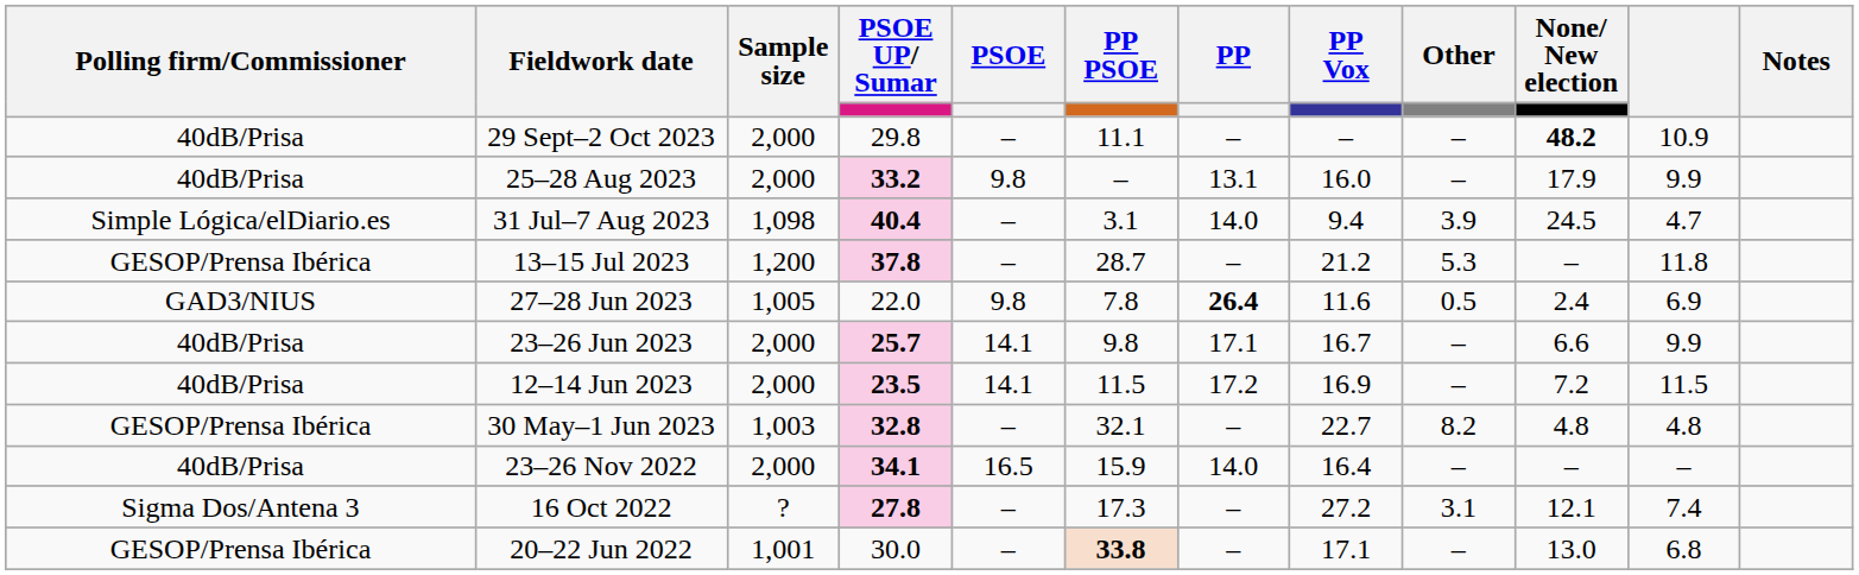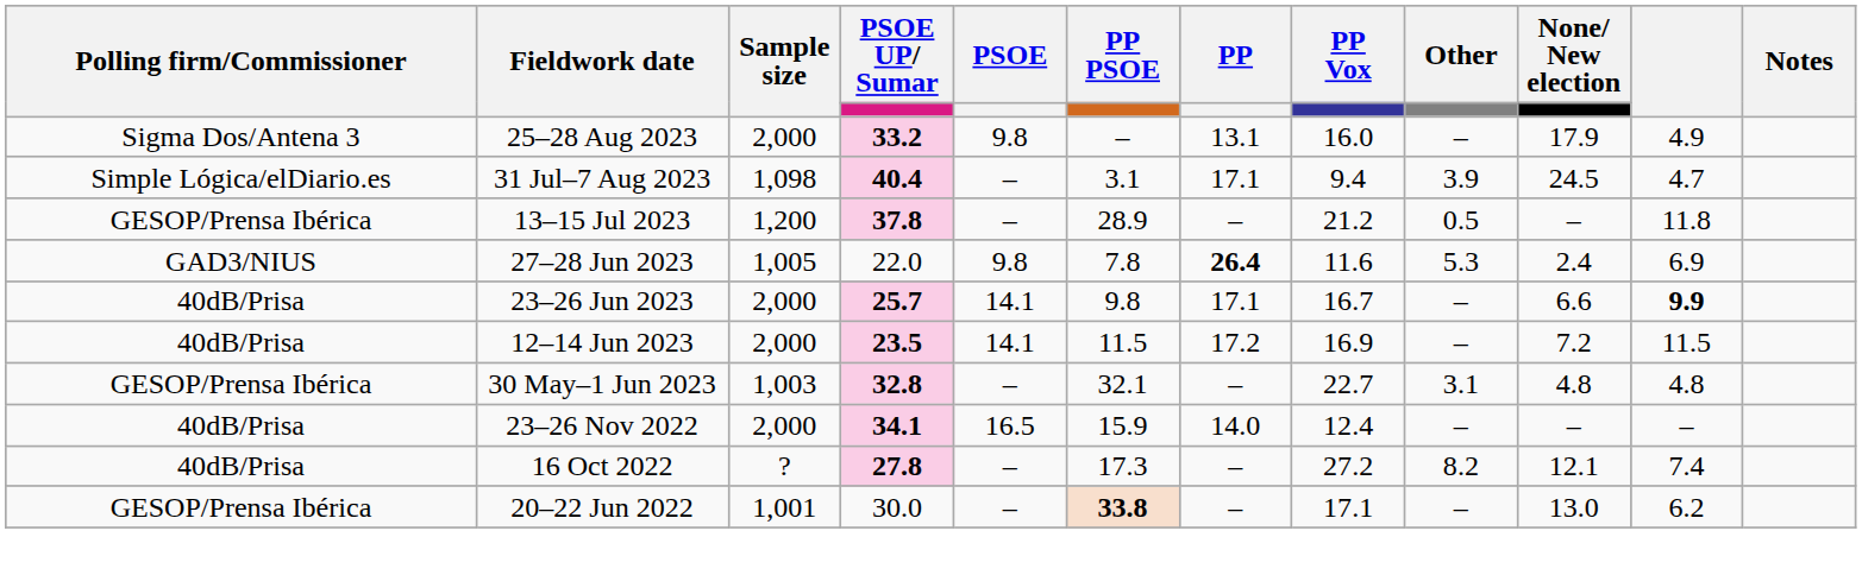 <table class="wikitable" style="text-align:center; font-size:90%; line-height:14px;">
 <tr style="height:42px;">
 <th style="width:230px;" rowspan="2">Polling firm/Commissioner</th>
 <th style="width:120px;" rowspan="2">Fieldwork date</th>
 <th style="width:50px;" rowspan="2">Sample size</th>
 <th style="width:50px;"><a href='#'>PSOE</a><br><a href='#'>UP</a>/<br><a href='#'>Sumar</a></th>
 <th style="width:50px;"><a href='#'>PSOE</a></th>
 <th style="width:50px;"><a href='#'>PP</a><br><a href='#'>PSOE</a></th>
 <th style="width:50px;"><a href='#'>PP</a></th>
 <th style="width:50px;"><a href='#'>PP</a><br><a href='#'>Vox</a></th>
 <th style="width:50px;">Other</th>
 <th style="width:50px;">None/<br>New election</th>
 <th style="width:50px;" rowspan="2"></th>
 <th style="width:50px;" rowspan="2">Notes</th>
 </tr>
 <tr>
 <th style="color:inherit;background:#DA1884;"></th>
 <th style="color:inherit;background:"></th>
 <th style="color:inherit;background:#D2691E;"></th>
 <th style="color:inherit;background:"></th>
 <th style="color:inherit;background:#333399;"></th>
 <th style="color:inherit;background:#808080;"></th>
 <th style="color:inherit;background:black;"></th>
 </tr>
 <tr>
-<td>40dB/Prisa</td>
-<td>29 Sept–2 Oct 2023</td>
-<td>2,000</td>
-<td>29.8</td>
-<td>–</td>
-<td>11.1</td>
-<td>–</td>
-<td>–</td>
-<td>–</td>
-<td><strong>48.2</strong></td>
-<td>10.9</td>
-<td></td>
-</tr>
-<tr>
-<td>40dB/Prisa</td>
+<td>Sigma Dos/Antena 3</td>
 <td>25–28 Aug 2023</td>
 <td>2,000</td>
 <td style="background:#FACDE6;"><strong>33.2</strong></td>
 <td>9.8</td>
 <td>–</td>
 <td>13.1</td>
 <td>16.0</td>
 <td>–</td>
 <td>17.9</td>
-<td>9.9</td>
+<td>4.9</td>
 <td></td>
 </tr>
 <tr>
 <td>Simple Lógica/elDiario.es</td>
 <td>31 Jul–7 Aug 2023</td>
 <td>1,098</td>
 <td style="background:#FACDE6;"><strong>40.4</strong></td>
 <td>–</td>
 <td>3.1</td>
-<td>14.0</td>
+<td>17.1</td>
 <td>9.4</td>
 <td>3.9</td>
 <td>24.5</td>
 <td>4.7</td>
 <td></td>
 </tr>
 <tr>
 <td>GESOP/Prensa Ibérica</td>
 <td>13–15 Jul 2023</td>
 <td>1,200</td>
 <td style="background:#FACDE6;"><strong>37.8</strong></td>
 <td>–</td>
-<td>28.7</td>
+<td>28.9</td>
 <td>–</td>
 <td>21.2</td>
-<td>5.3</td>
+<td>0.5</td>
 <td>–</td>
 <td>11.8</td>
 <td></td>
 </tr>
 <tr>
 <td>GAD3/NIUS</td>
 <td>27–28 Jun 2023</td>
 <td>1,005</td>
 <td>22.0</td>
 <td>9.8</td>
 <td>7.8</td>
 <td><strong>26.4</strong></td>
 <td>11.6</td>
-<td>0.5</td>
+<td>5.3</td>
 <td>2.4</td>
 <td>6.9</td>
 <td></td>
 </tr>
 <tr>
 <td>40dB/Prisa</td>
 <td>23–26 Jun 2023</td>
 <td>2,000</td>
 <td style="background:#FACDE6;"><strong>25.7</strong></td>
 <td>14.1</td>
 <td>9.8</td>
 <td>17.1</td>
 <td>16.7</td>
 <td>–</td>
 <td>6.6</td>
-<td>9.9</td>
+<td><strong>9.9</strong></td>
 <td></td>
 </tr>
 <tr>
 <td>40dB/Prisa</td>
 <td>12–14 Jun 2023</td>
 <td>2,000</td>
 <td style="background:#FACDE6;"><strong>23.5</strong></td>
 <td>14.1</td>
 <td>11.5</td>
 <td>17.2</td>
 <td>16.9</td>
 <td>–</td>
 <td>7.2</td>
 <td>11.5</td>
 <td></td>
 </tr>
 <tr>
 <td>GESOP/Prensa Ibérica</td>
 <td>30 May–1 Jun 2023</td>
 <td>1,003</td>
 <td style="background:#FACDE6;"><strong>32.8</strong></td>
 <td>–</td>
 <td>32.1</td>
 <td>–</td>
 <td>22.7</td>
-<td>8.2</td>
+<td>3.1</td>
 <td>4.8</td>
 <td>4.8</td>
 <td></td>
 </tr>
 <tr>
 <td>40dB/Prisa</td>
 <td>23–26 Nov 2022</td>
 <td>2,000</td>
 <td style="background:#FACDE6;"><strong>34.1</strong></td>
 <td>16.5</td>
 <td>15.9</td>
 <td>14.0</td>
-<td>16.4</td>
+<td>12.4</td>
 <td>–</td>
 <td>–</td>
 <td>–</td>
 <td></td>
 </tr>
 <tr>
-<td>Sigma Dos/Antena 3</td>
+<td>40dB/Prisa</td>
 <td>16 Oct 2022</td>
 <td>?</td>
 <td style="background:#FACDE6;"><strong>27.8</strong></td>
 <td>–</td>
 <td>17.3</td>
 <td>–</td>
 <td>27.2</td>
-<td>3.1</td>
+<td>8.2</td>
 <td>12.1</td>
 <td>7.4</td>
 <td></td>
 </tr>
 <tr>
 <td>GESOP/Prensa Ibérica</td>
 <td>20–22 Jun 2022</td>
 <td>1,001</td>
 <td>30.0</td>
 <td>–</td>
 <td style="background:#F8DFCD;"><strong>33.8</strong></td>
 <td>–</td>
 <td>17.1</td>
 <td>–</td>
 <td>13.0</td>
-<td>6.8</td>
+<td>6.2</td>
 <td></td>
 </tr>
 </table>
